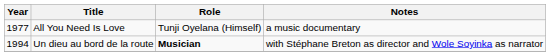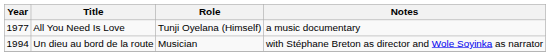 <table class="wikitable sortable">
 <tr>
 <th>Year</th>
 <th>Title</th>
 <th>Role</th>
 <th class="unsortable">Notes</th>
 </tr>
 <tr>
 <td>1977</td>
 <td>All You Need Is Love</td>
 <td>Tunji Oyelana (Himself)</td>
 <td>a music documentary</td>
 </tr>
 <tr>
 <td>1994</td>
 <td>Un dieu au bord de la route</td>
-<td><strong>Musician</strong></td>
+<td>Musician</td>
 <td>with Stéphane Breton as director and <a href='#'>Wole Soyinka</a> as narrator</td>
 </tr>
 <tr>
 </tr>
 </table>
